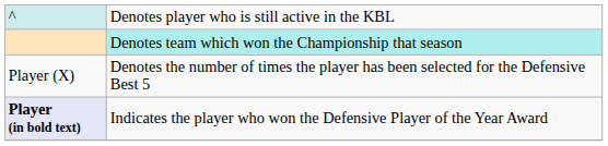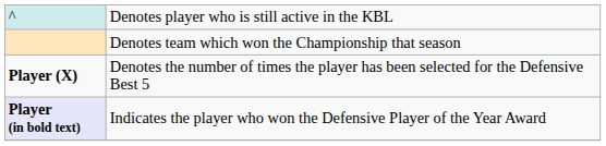 <table class="wikitable">
 <tr>
 <td style="background-color:#CFECEC; border:1px solid #aaaaaa; width:6em">^</td>
 <td>Denotes player who is still active in the KBL</td>
 </tr>
 <tr>
 <td style="background-color:#FFE6BD; border:1px solid #aaaaaa; width:6em"></td>
-<td style="background: paleturquoise;">Denotes team which won the Championship that season</td>
+<td>Denotes team which won the Championship that season</td>
 </tr>
 <tr>
-<td>Player (X)</td>
+<td><strong>Player (X)</strong></td>
 <td>Denotes the number of times the player has been selected for the Defensive Best 5</td>
 </tr>
 <tr>
 <td style="background: lavender;"><strong>Player<br><small>(in bold text)</small></strong></td>
 <td>Indicates the player who won the Defensive Player of the Year Award</td>
 </tr>
 <tr>
 </tr>
 </table>
